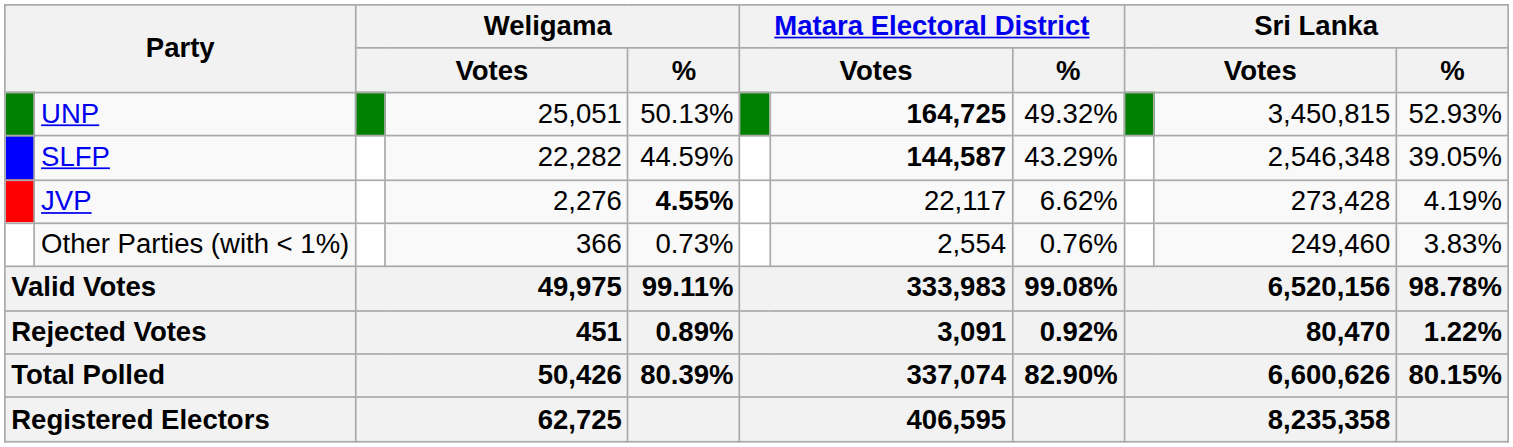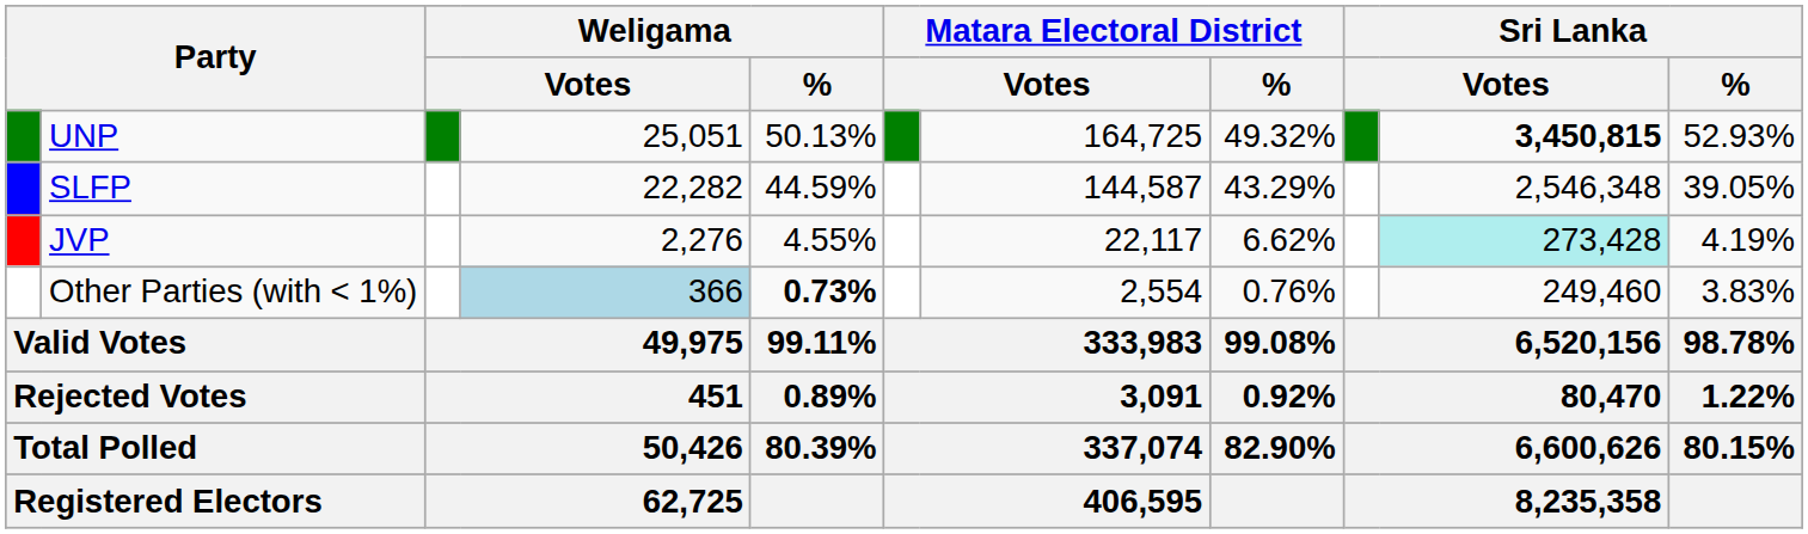 <table class="wikitable">
 <tr>
 <th colspan="2" width="144px"rowspan="2">Party</th>
 <th colspan="3" width="216px">Weligama</th>
 <th colspan="3" width="216px"><a href='#'>Matara Electoral District</a></th>
 <th colspan="3" width="216px">Sri Lanka</th>
 </tr>
 <tr>
 <th colspan="2" width="144px">Votes</th>
 <th>%</th>
 <th colspan="2" width="144px">Votes</th>
 <th>%</th>
 <th colspan="2" width="144px">Votes</th>
 <th>%</th>
 </tr>
 <tr>
 <td style="background-color:green;" width="10px"></td>
 <td style="text-align:left;"><a href='#'>UNP</a></td>
 <td style="background-color:green;" width="10px"></td>
 <td style="text-align:right;">25,051</td>
 <td style="text-align:right;">50.13%</td>
 <td style="background-color:green;" width="10px"></td>
-<td style="text-align:right;"><strong>164,725</strong></td>
+<td style="text-align:right;">164,725</td>
 <td style="text-align:right;">49.32%</td>
 <td style="background-color:green;" width="10px"></td>
-<td style="text-align:right;">3,450,815</td>
+<td style="text-align:right;"><strong>3,450,815</strong></td>
 <td style="text-align:right;">52.93%</td>
 </tr>
 <tr>
 <td style="background-color:blue;" width="10px"></td>
 <td style="text-align:left;"><a href='#'>SLFP</a></td>
 <td style="background-color:white;" width="10px"></td>
 <td style="text-align:right;">22,282</td>
 <td style="text-align:right;">44.59%</td>
 <td style="background-color:white;" width="10px"></td>
-<td style="text-align:right;"><strong>144,587</strong></td>
+<td style="text-align:right;">144,587</td>
 <td style="text-align:right;">43.29%</td>
 <td style="background-color:white;" width="10px"></td>
 <td style="text-align:right;">2,546,348</td>
 <td style="text-align:right;">39.05%</td>
 </tr>
 <tr>
 <td style="background-color:red;" width="10px"></td>
 <td style="text-align:left;"><a href='#'>JVP</a></td>
 <td style="background-color:white;" width="10px"></td>
 <td style="text-align:right;">2,276</td>
-<td style="text-align:right;"><strong>4.55%</strong></td>
+<td style="text-align:right;">4.55%</td>
 <td style="background-color:white;" width="10px"></td>
 <td style="text-align:right;">22,117</td>
 <td style="text-align:right;">6.62%</td>
 <td style="background-color:white;" width="10px"></td>
-<td style="text-align:right;">273,428</td>
+<td style="background: paleturquoise; text-align:right;">273,428</td>
 <td style="text-align:right;">4.19%</td>
 </tr>
 <tr>
 <td style="background-color:white;" width="10px"></td>
 <td style="text-align:left;">Other Parties (with < 1%)</td>
 <td style="background-color:white;" width="10px"></td>
-<td style="text-align:right;">366</td>
-<td style="text-align:right;">0.73%</td>
+<td style="background: lightblue; text-align:right;">366</td>
+<td style="text-align:right;"><strong>0.73%</strong></td>
 <td style="background-color:white;" width="10px"></td>
 <td style="text-align:right;">2,554</td>
 <td style="text-align:right;">0.76%</td>
 <td style="background-color:white;" width="10px"></td>
 <td style="text-align:right;">249,460</td>
 <td style="text-align:right;">3.83%</td>
 </tr>
 <tr>
 <th colspan="2" width="144px"style="text-align:left;">Valid Votes</th>
 <th style="text-align:right;"colspan="2" width="144px">49,975</th>
 <th style="text-align:right;">99.11%</th>
 <th style="text-align:right;"colspan="2" width="144px">333,983</th>
 <th style="text-align:right;">99.08%</th>
 <th style="text-align:right;"colspan="2" width="144px">6,520,156</th>
 <th style="text-align:right;">98.78%</th>
 </tr>
 <tr>
 <th colspan="2" width="144px"style="text-align:left;">Rejected Votes</th>
 <th style="text-align:right;"colspan="2" width="144px">451</th>
 <th style="text-align:right;">0.89%</th>
 <th style="text-align:right;"colspan="2" width="144px">3,091</th>
 <th style="text-align:right;">0.92%</th>
 <th style="text-align:right;"colspan="2" width="144px">80,470</th>
 <th style="text-align:right;">1.22%</th>
 </tr>
 <tr>
 <th colspan="2" width="144px"style="text-align:left;">Total Polled</th>
 <th style="text-align:right;"colspan="2" width="144px">50,426</th>
 <th style="text-align:right;">80.39%</th>
 <th style="text-align:right;"colspan="2" width="144px">337,074</th>
 <th style="text-align:right;">82.90%</th>
 <th style="text-align:right;"colspan="2" width="144px">6,600,626</th>
 <th style="text-align:right;">80.15%</th>
 </tr>
 <tr>
 <th colspan="2" width="144px"style="text-align:left;">Registered Electors</th>
 <th style="text-align:right;"colspan="2" width="144px">62,725</th>
 <th></th>
 <th style="text-align:right;"colspan="2" width="144px">406,595</th>
 <th></th>
 <th style="text-align:right;"colspan="2" width="144px">8,235,358</th>
 <th></th>
 </tr>
 </table>
